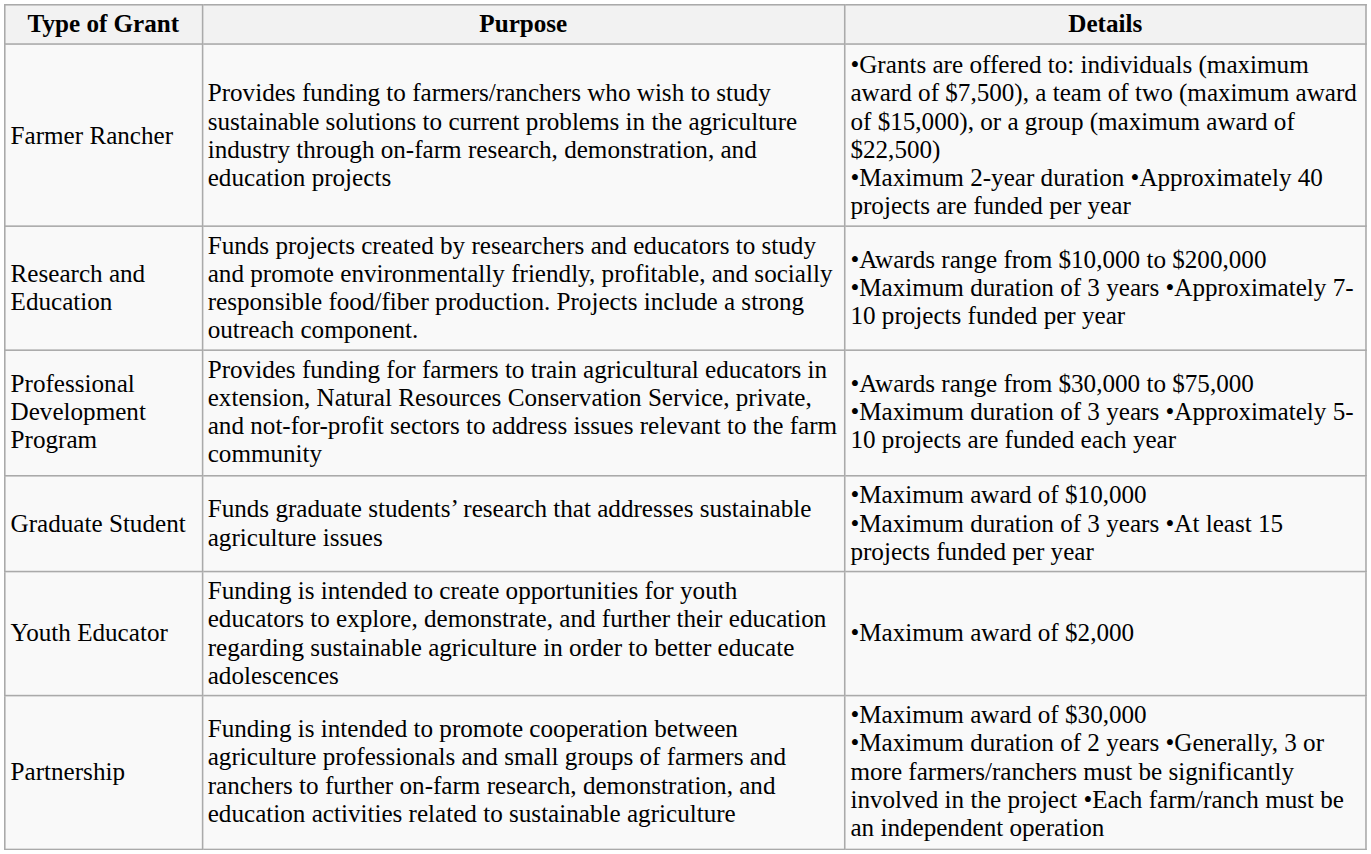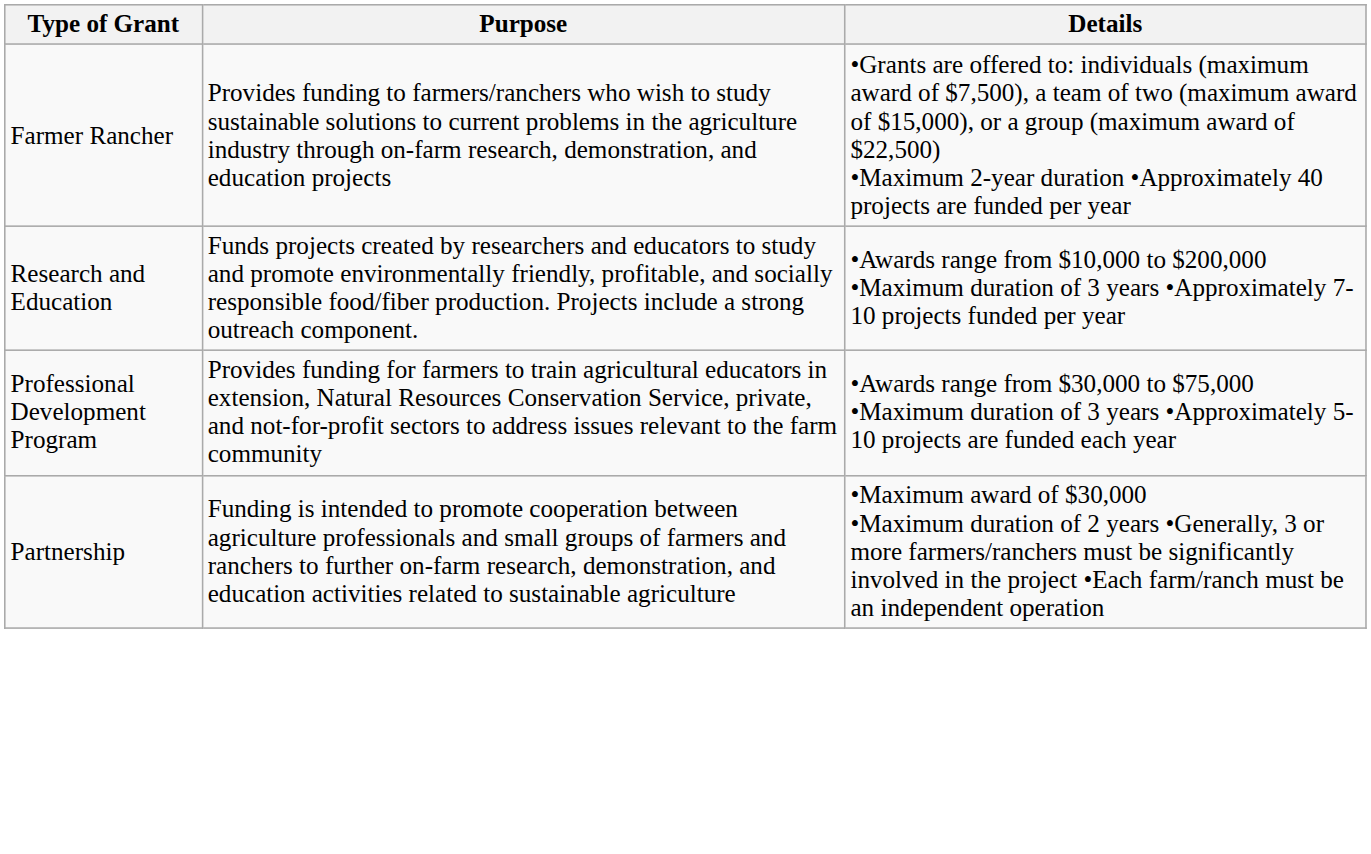 <table class="wikitable">
 <tr>
 <th>Type of Grant</th>
 <th>Purpose</th>
 <th>Details</th>
 </tr>
 <tr>
 <td>Farmer Rancher</td>
 <td>Provides funding to farmers/ranchers who wish to study sustainable solutions to current problems in the agriculture industry through on-farm research, demonstration, and education projects</td>
 <td>•Grants are offered to: individuals (maximum award of $7,500), a team of two (maximum award of  $15,000), or a group (maximum award of $22,500)<br>•Maximum 2-year duration •Approximately 40 projects are funded per year</td>
 </tr>
 <tr>
 <td>Research and Education</td>
 <td>Funds projects created by researchers and educators to study and promote environmentally friendly, profitable, and socially responsible food/fiber production. Projects include a strong outreach component.</td>
 <td>•Awards range from $10,000 to $200,000<br>•Maximum duration of 3 years •Approximately 7-10 projects funded per year</td>
 </tr>
 <tr>
 <td>Professional Development Program</td>
 <td>Provides funding for farmers to train agricultural educators in extension, Natural Resources Conservation Service, private, and not-for-profit sectors to address issues relevant to the farm community</td>
 <td>•Awards range from $30,000 to $75,000<br>•Maximum duration of 3 years •Approximately 5-10 projects are funded each year</td>
 </tr>
 <tr>
-<td>Graduate Student</td>
-<td>Funds graduate students’ research that addresses sustainable agriculture issues</td>
-<td>•Maximum award of $10,000<br>•Maximum duration of 3 years •At least 15 projects funded per year</td>
-</tr>
-<tr>
-<td>Youth Educator</td>
-<td>Funding is intended to create opportunities for youth educators to explore, demonstrate, and further their education regarding sustainable agriculture in order to better educate adolescences</td>
-<td>•Maximum award of $2,000</td>
-</tr>
-<tr>
 <td>Partnership</td>
 <td>Funding is intended to promote cooperation between agriculture professionals and small groups of farmers and ranchers to further on-farm research, demonstration, and education activities related to sustainable agriculture</td>
 <td>•Maximum award of $30,000<br>•Maximum duration of 2 years •Generally, 3 or more farmers/ranchers must be significantly involved in the project •Each farm/ranch must be an independent operation</td>
 </tr>
 </table>
